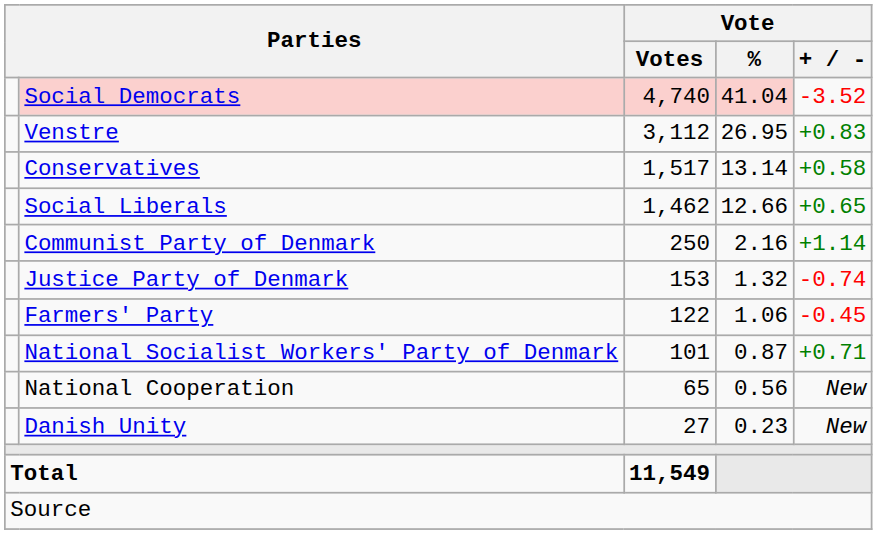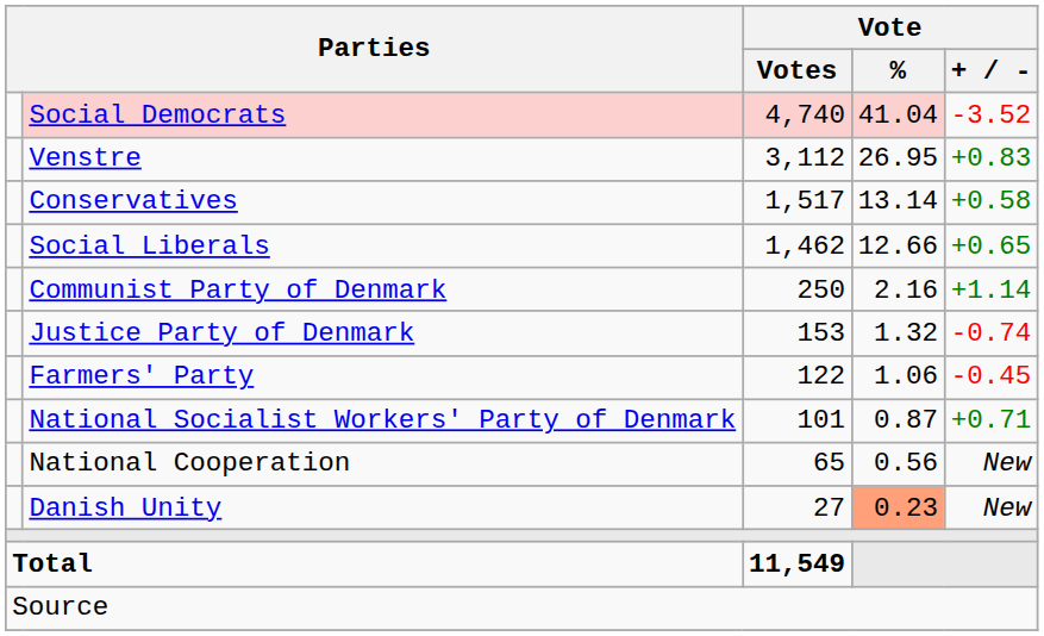 <table class="wikitable" style="text-align:right;">
 <tr>
 <th style="text-align:centre;" rowspan="2" colspan="2" width="225">Parties</th>
 <th colspan="3">Vote</th>
 </tr>
 <tr>
 <th width="15">Votes</th>
 <th width="15">%</th>
 <th width="15">+ / -</th>
 </tr>
 <tr>
 <td width="2" style="color:inherit;background:"></td>
 <td bgcolor=#fbd0ce  align="left"><a href='#'>Social Democrats</a></td>
 <td bgcolor=#fbd0ce>4,740</td>
 <td bgcolor=#fbd0ce>41.04</td>
 <td style=color:red;>-3.52</td>
 </tr>
 <tr>
 <td width="2" style="color:inherit;background:"></td>
 <td align="left"><a href='#'>Venstre</a></td>
 <td>3,112</td>
 <td>26.95</td>
 <td style=color:green;>+0.83</td>
 </tr>
 <tr>
 <td width="2" style="color:inherit;background:"></td>
 <td align="left"><a href='#'>Conservatives</a></td>
 <td>1,517</td>
 <td>13.14</td>
 <td style=color:green;>+0.58</td>
 </tr>
 <tr>
 <td width="2" style="color:inherit;background:"></td>
 <td align="left"><a href='#'>Social Liberals</a></td>
 <td>1,462</td>
 <td>12.66</td>
 <td style=color:green;>+0.65</td>
 </tr>
 <tr>
 <td width="2" style="color:inherit;background:"></td>
 <td align="left"><a href='#'>Communist Party of Denmark</a></td>
 <td>250</td>
 <td>2.16</td>
 <td style=color:green;>+1.14</td>
 </tr>
 <tr>
 <td width="2" style="color:inherit;background:"></td>
 <td align="left"><a href='#'>Justice Party of Denmark</a></td>
 <td>153</td>
 <td>1.32</td>
 <td style=color:red;>-0.74</td>
 </tr>
 <tr>
 <td width="2" style="color:inherit;background:"></td>
 <td align="left"><a href='#'>Farmers' Party</a></td>
 <td>122</td>
 <td>1.06</td>
 <td style=color:red;>-0.45</td>
 </tr>
 <tr>
 <td width="2" style="color:inherit;background:"></td>
 <td align="left"><a href='#'>National Socialist Workers' Party of Denmark</a></td>
 <td>101</td>
 <td>0.87</td>
 <td style=color:green;>+0.71</td>
 </tr>
 <tr>
 <td width="2" style="color:inherit;background:"></td>
 <td align="left">National Cooperation</td>
 <td>65</td>
 <td>0.56</td>
 <td><em>New</em></td>
 </tr>
 <tr>
 <td width="2" style="color:inherit;background:"></td>
 <td align="left"><a href='#'>Danish Unity</a></td>
 <td>27</td>
-<td>0.23</td>
+<td style="background: lightsalmon;">0.23</td>
 <td><em>New</em></td>
 </tr>
 <tr>
 <td colspan="7" bgcolor="#E9E9E9"></td>
 </tr>
 <tr>
 <td align="left" colspan="2"><strong>Total</strong></td>
 <td><strong>11,549</strong></td>
 <td bgcolor="#E9E9E9" colspan="2"></td>
 </tr>
 <tr>
 <td align="left" colspan="6">Source</td>
 </tr>
 </table>
